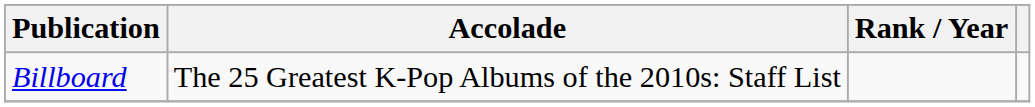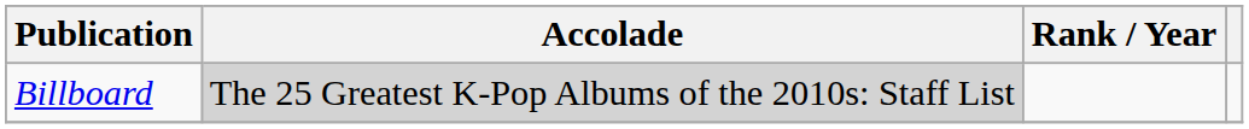 <table class="sortable wikitable">
 <tr>
 <th>Publication</th>
 <th>Accolade</th>
 <th>Rank / Year</th>
 <th class="unsortable"></th>
 </tr>
 <tr>
 <td><em><a href='#'>Billboard</a></em></td>
-<td>The 25 Greatest K-Pop Albums of the 2010s: Staff List</td>
+<td style="background: lightgrey;">The 25 Greatest K-Pop Albums of the 2010s: Staff List</td>
 <td></td>
 <td></td>
 </tr>
 <tr>
 </tr>
 </table>
